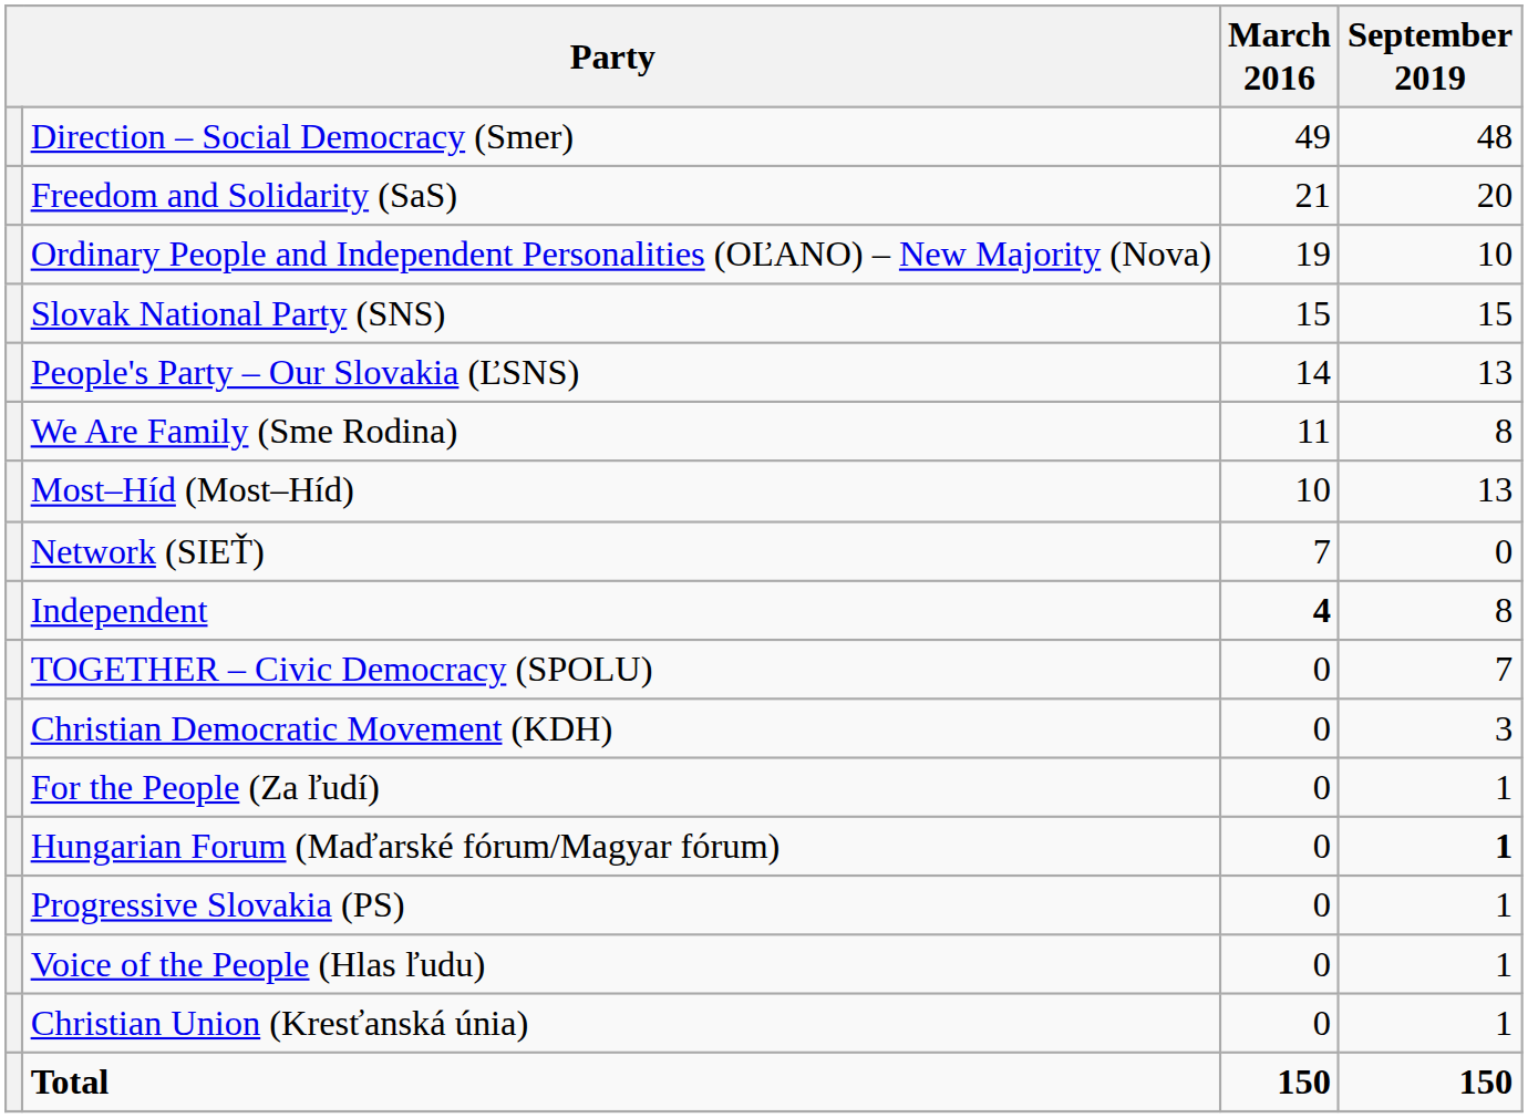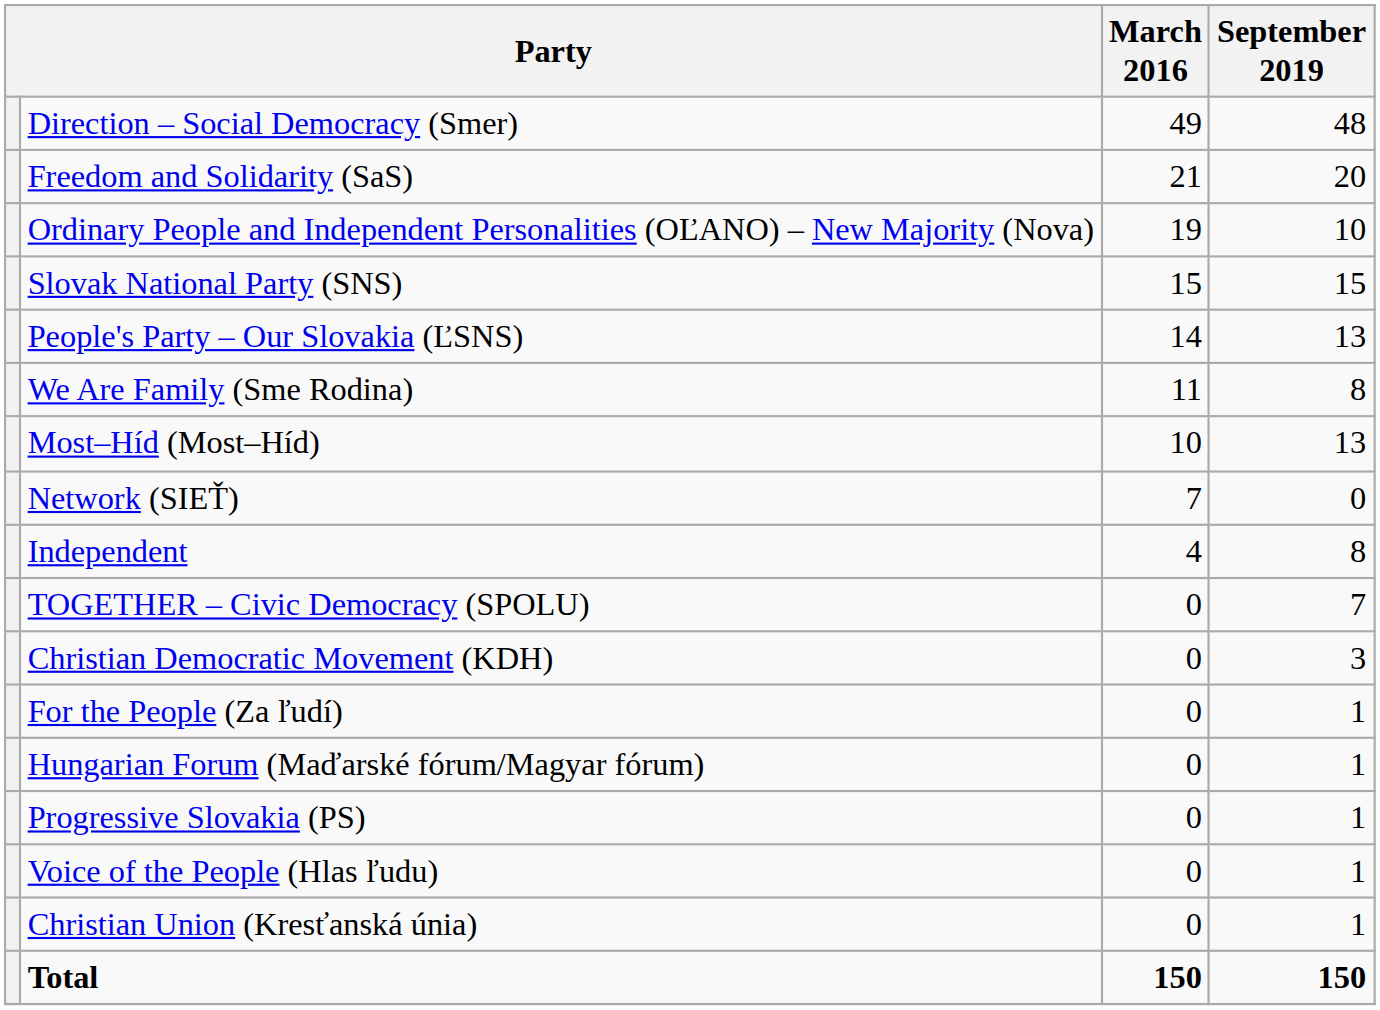 <table class="wikitable" style="font-size: 95%;">
 <tr>
 <th colspan=2>Party</th>
 <th>March<br> 2016</th>
 <th>September<br> 2019</th>
 </tr>
 <tr>
 <th style="background-color: "></th>
 <td><a href='#'>Direction – Social Democracy</a> (Smer)</td>
 <td align="right">49</td>
 <td align="right">48</td>
 </tr>
 <tr>
 <th style="background-color: "></th>
 <td><a href='#'>Freedom and Solidarity</a> (SaS)</td>
 <td align="right">21</td>
 <td align="right">20</td>
 </tr>
 <tr>
 <th style="background-color: "></th>
 <td><a href='#'>Ordinary People and Independent Personalities</a> (OĽANO) – <a href='#'>New Majority</a> (Nova)</td>
 <td align="right">19</td>
 <td align="right">10</td>
 </tr>
 <tr>
 <th style="background-color: "></th>
 <td><a href='#'>Slovak National Party</a> (SNS)</td>
 <td align="right">15</td>
 <td align="right">15</td>
 </tr>
 <tr>
 <th style="background-color: "></th>
 <td><a href='#'>People's Party – Our Slovakia</a> (ĽSNS)</td>
 <td align="right">14</td>
 <td align="right">13</td>
 </tr>
 <tr>
 <th style="background-color: "></th>
 <td><a href='#'>We Are Family</a> (Sme Rodina)</td>
 <td align="right">11</td>
 <td align="right">8</td>
 </tr>
 <tr>
 <th style="background-color: "></th>
 <td><a href='#'>Most–Híd</a> (Most–Híd)</td>
 <td align="right">10</td>
 <td align="right">13</td>
 </tr>
 <tr>
 <th style="background-color: "></th>
 <td><a href='#'>Network</a> (SIEŤ)</td>
 <td align="right">7</td>
 <td align="right">0</td>
 </tr>
 <tr>
 <th style="background-color: "></th>
 <td><a href='#'>Independent</a></td>
-<td align="right"><strong>4</strong></td>
+<td align="right">4</td>
 <td align="right">8</td>
 </tr>
 <tr>
 <th style="background-color: "></th>
 <td><a href='#'>TOGETHER – Civic Democracy</a> (SPOLU)</td>
 <td align="right">0</td>
 <td align="right">7</td>
 </tr>
 <tr>
 <th style="background-color: "></th>
 <td><a href='#'>Christian Democratic Movement</a> (KDH)</td>
 <td align="right">0</td>
 <td align="right">3</td>
 </tr>
 <tr>
 <th style="background-color: "></th>
 <td><a href='#'>For the People</a> (Za ľudí)</td>
 <td align="right">0</td>
 <td align="right">1</td>
 </tr>
 <tr>
 <th style="background-color: "></th>
 <td><a href='#'>Hungarian Forum</a> (Maďarské fórum/Magyar fórum)</td>
 <td align="right">0</td>
-<td align="right"><strong>1</strong></td>
+<td align="right">1</td>
 </tr>
 <tr>
 <th style="background-color: "></th>
 <td><a href='#'>Progressive Slovakia</a> (PS)</td>
 <td align="right">0</td>
 <td align="right">1</td>
 </tr>
 <tr>
 <th style="background-color: "></th>
 <td><a href='#'>Voice of the People</a> (Hlas ľudu)</td>
 <td align="right">0</td>
 <td align="right">1</td>
 </tr>
 <tr>
 <th style="background-color: "></th>
 <td><a href='#'>Christian Union</a> (Kresťanská únia)</td>
 <td align="right">0</td>
 <td align="right">1</td>
 </tr>
 <tr>
 <th style="background-color: "></th>
 <td><strong>Total</strong></td>
 <td align="right"><strong>150</strong></td>
 <td align="right"><strong>150</strong></td>
 </tr>
 <tr>
 </tr>
 </table>
